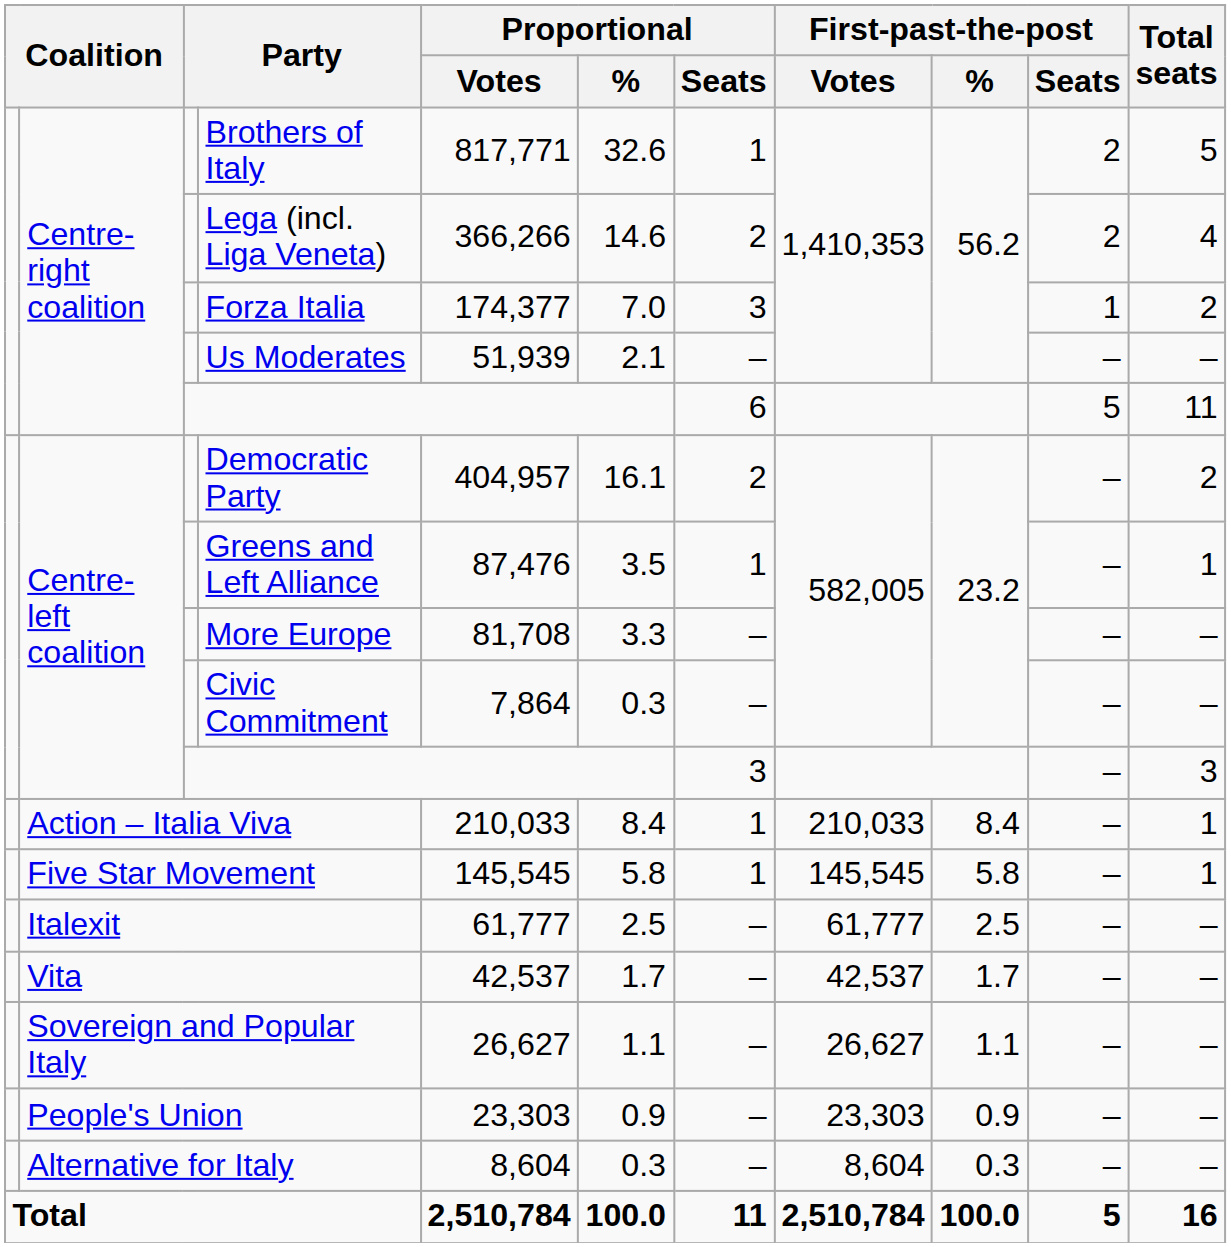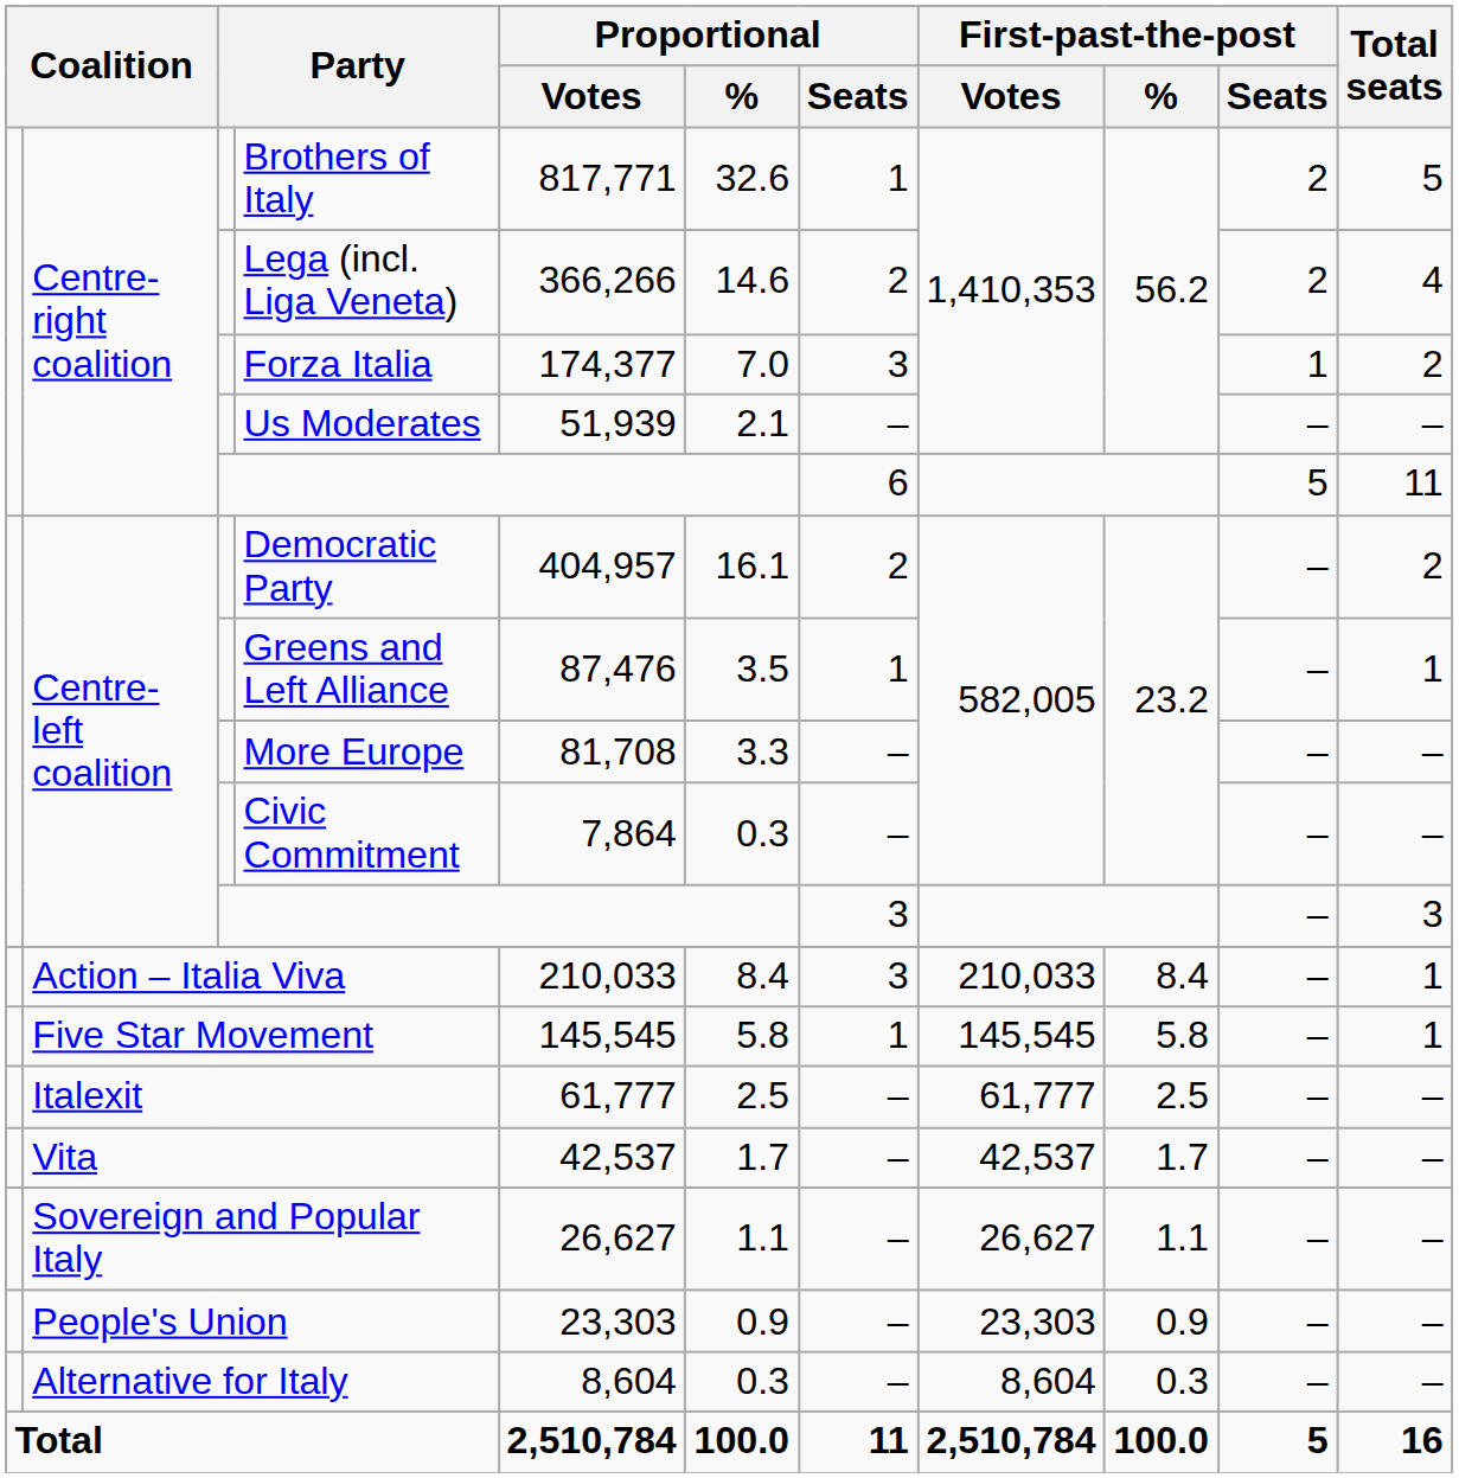 <table class="wikitable" style="text-align:right">
 <tr>
 <th colspan="2" rowspan="2">Coalition</th>
 <th colspan=2 rowspan=2>Party</th>
 <th colspan="3"  style="text-align:center; vertical-align:top;">Proportional</th>
 <th colspan="3"  style="text-align:center; vertical-align:top;">First-past-the-post</th>
 <th style="text-align:center;" rowspan="2">Total<br>seats</th>
 </tr>
 <tr>
 <th style="text-align:center; vertical-align:bottom;">Votes</th>
 <th style="text-align:center; vertical-align:bottom;">%</th>
 <th style="text-align:center; vertical-align:bottom;">Seats</th>
 <th style="text-align:center; vertical-align:bottom;">Votes</th>
 <th style="text-align:center; vertical-align:bottom;">%</th>
 <th style="text-align:center; vertical-align:bottom;">Seats</th>
 </tr>
 <tr>
 <td rowspan="5"></td>
 <td style="text-align:left;" rowspan="5"><a href='#'>Centre-right coalition</a></td>
 <td></td>
 <td align=left><a href='#'>Brothers of Italy</a></td>
 <td>817,771</td>
 <td>32.6</td>
 <td>1</td>
 <td rowspan="4">1,410,353</td>
 <td rowspan="4">56.2</td>
 <td>2</td>
 <td>5</td>
 </tr>
 <tr>
 <td></td>
 <td align=left><a href='#'>Lega</a> (incl. <a href='#'>Liga Veneta</a>)</td>
 <td>366,266</td>
 <td>14.6</td>
 <td>2</td>
 <td>2</td>
 <td>4</td>
 </tr>
 <tr>
 <td></td>
 <td align=left><a href='#'>Forza Italia</a></td>
 <td>174,377</td>
 <td>7.0</td>
 <td>3</td>
 <td>1</td>
 <td>2</td>
 </tr>
 <tr>
 <td></td>
 <td align=left><a href='#'>Us Moderates</a></td>
 <td>51,939</td>
 <td>2.1</td>
 <td>–</td>
 <td>–</td>
 <td>–</td>
 </tr>
 <tr>
 <td colspan="4" style="text-align:left;"></td>
 <td>6</td>
 <td colspan="2"></td>
 <td>5</td>
 <td>11</td>
 </tr>
 <tr>
 <td rowspan="5"></td>
 <td style="text-align:left;" rowspan="5"><a href='#'>Centre-left coalition</a></td>
 <td></td>
 <td align=left><a href='#'>Democratic Party</a></td>
 <td>404,957</td>
 <td>16.1</td>
 <td>2</td>
 <td rowspan="4">582,005</td>
 <td rowspan="4">23.2</td>
 <td>–</td>
 <td>2</td>
 </tr>
 <tr>
 <td></td>
 <td align=left><a href='#'>Greens and Left Alliance</a></td>
 <td>87,476</td>
 <td>3.5</td>
 <td>1</td>
 <td>–</td>
 <td>1</td>
 </tr>
 <tr>
 <td></td>
 <td align=left><a href='#'>More Europe</a></td>
 <td>81,708</td>
 <td>3.3</td>
 <td>–</td>
 <td>–</td>
 <td>–</td>
 </tr>
 <tr>
 <td></td>
 <td align=left><a href='#'>Civic Commitment</a></td>
 <td>7,864</td>
 <td>0.3</td>
 <td>–</td>
 <td>–</td>
 <td>–</td>
 </tr>
 <tr>
 <td colspan="4" style="text-align:left;"></td>
 <td>3</td>
 <td colspan="2"></td>
 <td>–</td>
 <td>3</td>
 </tr>
 <tr>
 <td style="background:"></td>
 <td colspan="3" style="text-align:left;"><a href='#'>Action – Italia Viva</a></td>
 <td>210,033</td>
 <td>8.4</td>
-<td>1</td>
+<td>3</td>
 <td>210,033</td>
 <td>8.4</td>
 <td>–</td>
 <td>1</td>
 </tr>
 <tr 、>
 <td style="background:"></td>
 <td colspan="3" style="text-align:left;"><a href='#'>Five Star Movement</a></td>
 <td>145,545</td>
 <td>5.8</td>
 <td>1</td>
 <td>145,545</td>
 <td>5.8</td>
 <td>–</td>
 <td>1</td>
 </tr>
 <tr 、>
 <td style="background:"></td>
 <td colspan="3" style="text-align:left;"><a href='#'>Italexit</a></td>
 <td>61,777</td>
 <td>2.5</td>
 <td>–</td>
 <td>61,777</td>
 <td>2.5</td>
 <td>–</td>
 <td>–</td>
 </tr>
 <tr 、>
 <td style="background:"></td>
 <td colspan="3" style="text-align:left;"><a href='#'>Vita</a></td>
 <td>42,537</td>
 <td>1.7</td>
 <td>–</td>
 <td>42,537</td>
 <td>1.7</td>
 <td>–</td>
 <td>–</td>
 </tr>
 <tr 、>
 <td style="background:"></td>
 <td colspan="3" style="text-align:left;"><a href='#'>Sovereign and Popular Italy</a></td>
 <td>26,627</td>
 <td>1.1</td>
 <td>–</td>
 <td>26,627</td>
 <td>1.1</td>
 <td>–</td>
 <td>–</td>
 </tr>
 <tr 、>
 <td style="background:"></td>
 <td colspan="3" style="text-align:left;"><a href='#'>People's Union</a></td>
 <td>23,303</td>
 <td>0.9</td>
 <td>–</td>
 <td>23,303</td>
 <td>0.9</td>
 <td>–</td>
 <td>–</td>
 </tr>
 <tr 、>
 <td style="background:"></td>
 <td colspan="3" style="text-align:left;"><a href='#'>Alternative for Italy</a></td>
 <td>8,604</td>
 <td>0.3</td>
 <td>–</td>
 <td>8,604</td>
 <td>0.3</td>
 <td>–</td>
 <td>–</td>
 </tr>
 <tr>
 <td colspan="4" style="text-align:left;"><strong>Total</strong></td>
 <td><strong>2,510,784</strong></td>
 <td><strong>100.0</strong></td>
 <td><strong>11</strong></td>
 <td><strong>2,510,784</strong></td>
 <td><strong>100.0</strong></td>
 <td><strong>5</strong></td>
 <td><strong>16</strong></td>
 </tr>
 </table>
